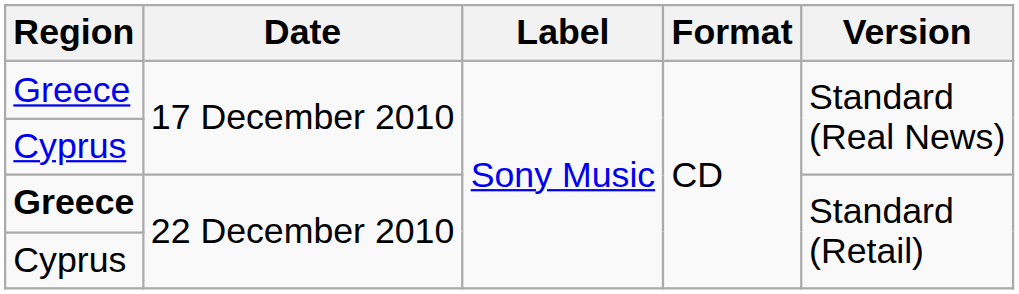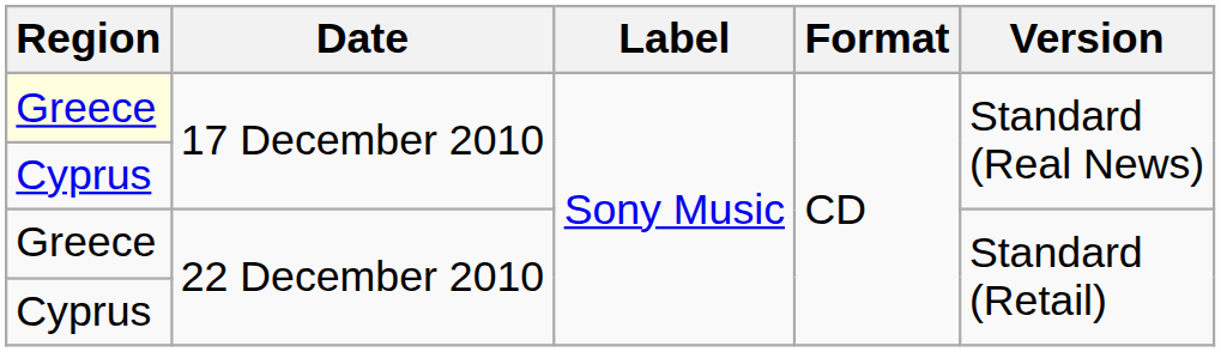 <table class=wikitable>
 <tr>
 <th>Region</th>
 <th>Date</th>
 <th>Label</th>
 <th>Format</th>
 <th>Version</th>
 </tr>
 <tr>
-<td><a href='#'>Greece</a></td>
+<td style="background: lightyellow;"><a href='#'>Greece</a></td>
 <td rowspan="2">17 December 2010</td>
 <td rowspan="4"><a href='#'>Sony Music</a></td>
 <td rowspan="4">CD</td>
 <td rowspan="2">Standard<br> (Real News)</td>
 </tr>
 <tr>
 <td><a href='#'>Cyprus</a></td>
 </tr>
 <tr>
-<td><strong>Greece</strong></td>
+<td>Greece</td>
 <td rowspan="2">22 December 2010</td>
 <td rowspan="2">Standard<br> (Retail)</td>
 </tr>
 <tr>
 <td>Cyprus</td>
 </tr>
 </table>
